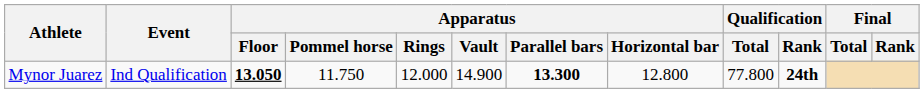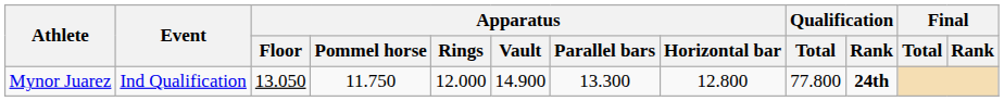 <table class="wikitable" style="font-size:90%">
 <tr>
 <th rowspan="2">Athlete</th>
 <th rowspan="2">Event</th>
 <th colspan = "6">Apparatus</th>
 <th colspan = "2">Qualification</th>
 <th colspan = "2">Final</th>
 </tr>
 <tr>
 <th>Floor</th>
 <th>Pommel horse</th>
 <th>Rings</th>
 <th>Vault</th>
 <th>Parallel bars</th>
 <th>Horizontal bar</th>
 <th>Total</th>
 <th>Rank</th>
 <th>Total</th>
 <th>Rank</th>
 </tr>
 <tr>
 <td><a href='#'>Mynor Juarez</a></td>
 <td><a href='#'>Ind Qualification</a></td>
-<td align=center><strong><u>13.050</u></strong></td>
+<td align=center><u>13.050</u></td>
 <td align=center>11.750</td>
 <td align=center>12.000</td>
 <td align=center>14.900</td>
-<td align=center><strong>13.300</strong></td>
+<td align=center>13.300</td>
 <td align=center>12.800</td>
 <td align=center>77.800</td>
 <td align=center><strong>24th</strong></td>
 <td align=center bgcolor=wheat colspan=2></td>
 </tr>
 </table>
